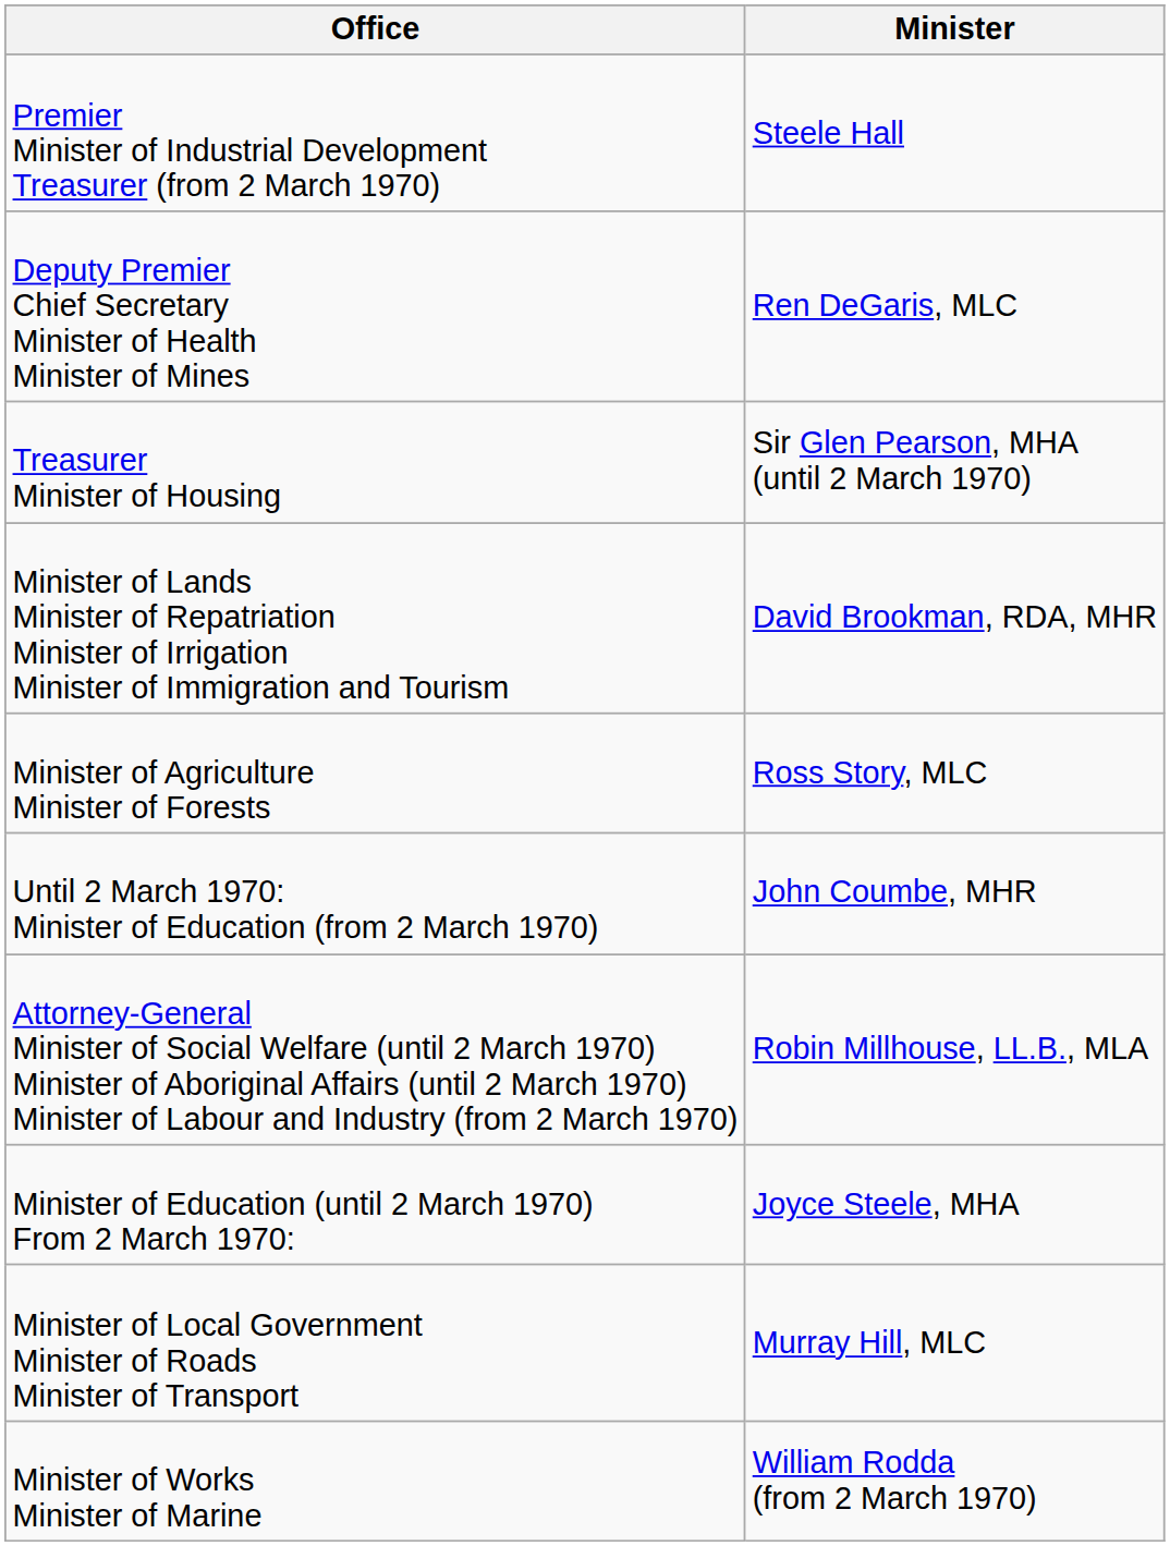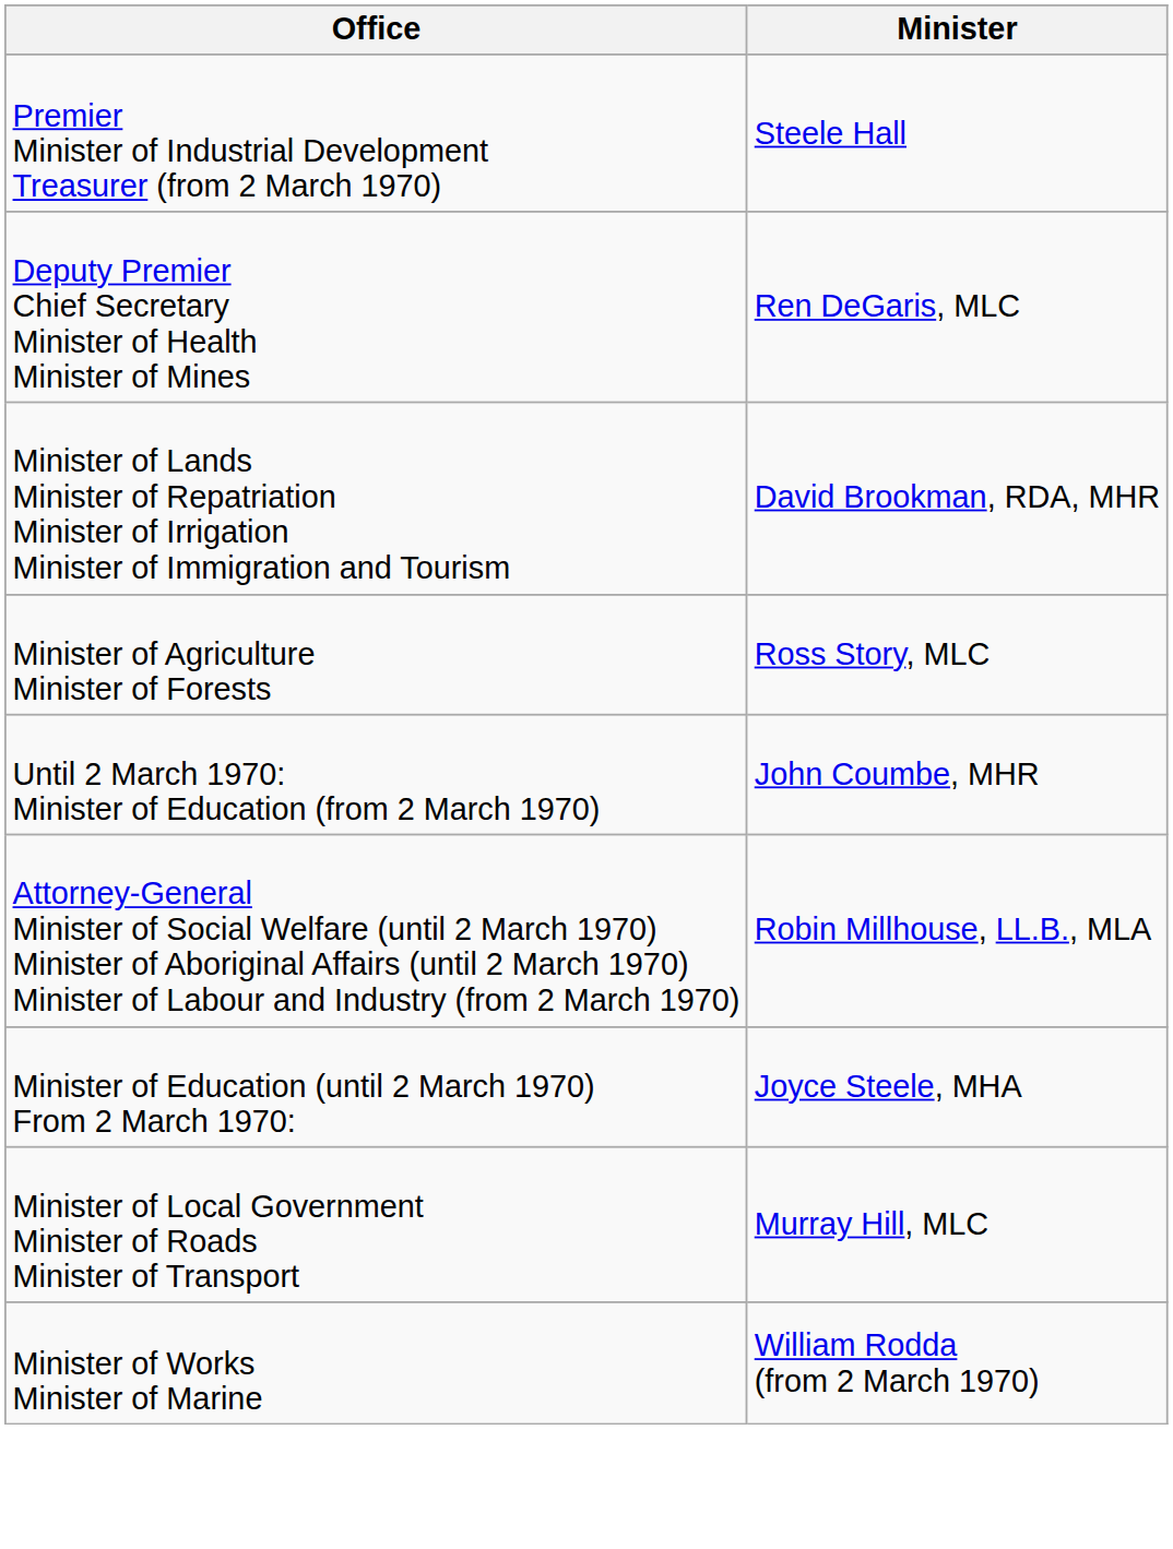 <table class="wikitable">
 <tr>
 <th>Office</th>
 <th>Minister</th>
 </tr>
 <tr>
 <td><br><a href='#'>Premier</a><br> Minister of Industrial Development<br> <a href='#'>Treasurer</a> (from 2 March 1970)</td>
 <td><a href='#'>Steele Hall</a></td>
 </tr>
 <tr>
 <td><br><a href='#'>Deputy Premier</a><br> Chief Secretary<br> Minister of Health<br> Minister of Mines</td>
 <td><a href='#'>Ren DeGaris</a>, MLC</td>
-</tr>
-<tr>
-<td><br><a href='#'>Treasurer</a><br> Minister of Housing</td>
-<td>Sir <a href='#'>Glen Pearson</a>, MHA <br>(until 2 March 1970)</td>
 </tr>
 <tr>
 <td><br>Minister of Lands<br> Minister of Repatriation<br> Minister of Irrigation<br> Minister of Immigration and Tourism</td>
 <td><a href='#'>David Brookman</a>, RDA, MHR</td>
 </tr>
 <tr>
 <td><br>Minister of Agriculture<br> Minister of Forests</td>
 <td><a href='#'>Ross Story</a>, MLC</td>
 </tr>
 <tr>
 <td><br>Until 2 March 1970:<br>Minister of Education (from 2 March 1970)</td>
 <td><a href='#'>John Coumbe</a>, MHR</td>
 </tr>
 <tr>
 <td><br><a href='#'>Attorney-General</a><br> Minister of Social Welfare (until 2 March 1970)<br> Minister of Aboriginal Affairs (until 2 March 1970)<br> Minister of Labour and Industry (from 2 March 1970)</td>
 <td><a href='#'>Robin Millhouse</a>, <a href='#'>LL.B.</a>, MLA</td>
 </tr>
 <tr>
 <td><br>Minister of Education (until 2 March 1970)<br> From 2 March 1970:<br></td>
 <td><a href='#'>Joyce Steele</a>, MHA</td>
 </tr>
 <tr>
 <td><br>Minister of Local Government<br> Minister of Roads<br> Minister of Transport</td>
 <td><a href='#'>Murray Hill</a>, MLC</td>
 </tr>
 <tr>
 <td><br>Minister of Works<br> Minister of Marine</td>
 <td><a href='#'>William Rodda</a><br>(from 2 March 1970)</td>
 </tr>
 </table>
